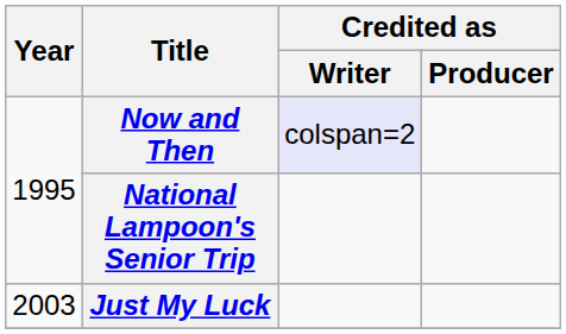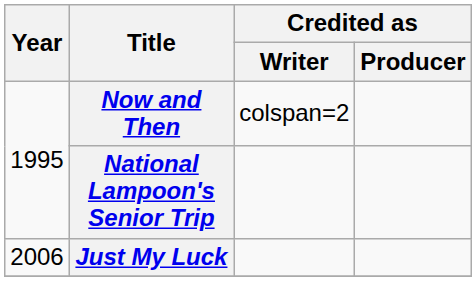 <table class="wikitable plainrowheaders" style="margin-right:auto; margin-right:auto; width:50%;">
 <tr>
 <th rowspan="2">Year</th>
 <th rowspan="2">Title</th>
 <th colspan="5">Credited as</th>
 </tr>
 <tr>
 <th width="11%">Writer</th>
 <th width="11%">Producer</th>
 </tr>
 <tr>
 <td style="text-align:center;" rowspan=2>1995</td>
 <th scope="row"><em><a href='#'>Now and Then</a></em></th>
-<td style="background: lavender;">colspan=2 </td>
+<td>colspan=2 </td>
 </tr>
 <tr>
 <th scope="row"><em><a href='#'>National Lampoon's Senior Trip</a></em></th>
 <td></td>
 <td></td>
 </tr>
 <tr>
-<td style="text-align:center;">2003</td>
+<td style="text-align:center;">2006</td>
 <th scope="row"><em><a href='#'>Just My Luck</a></em></th>
 <td></td>
 <td></td>
 </tr>
 <tr>
 </tr>
 </table>
